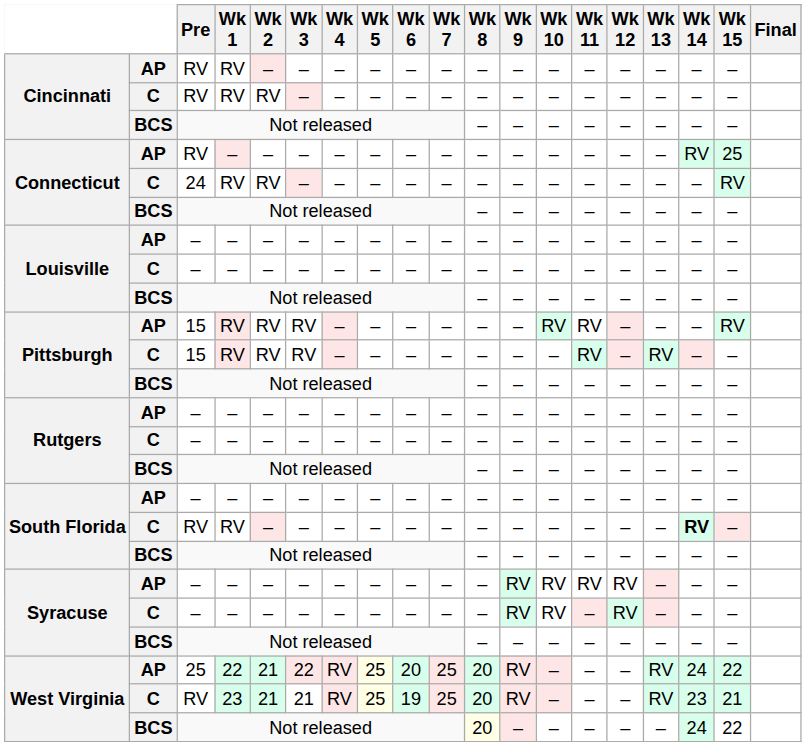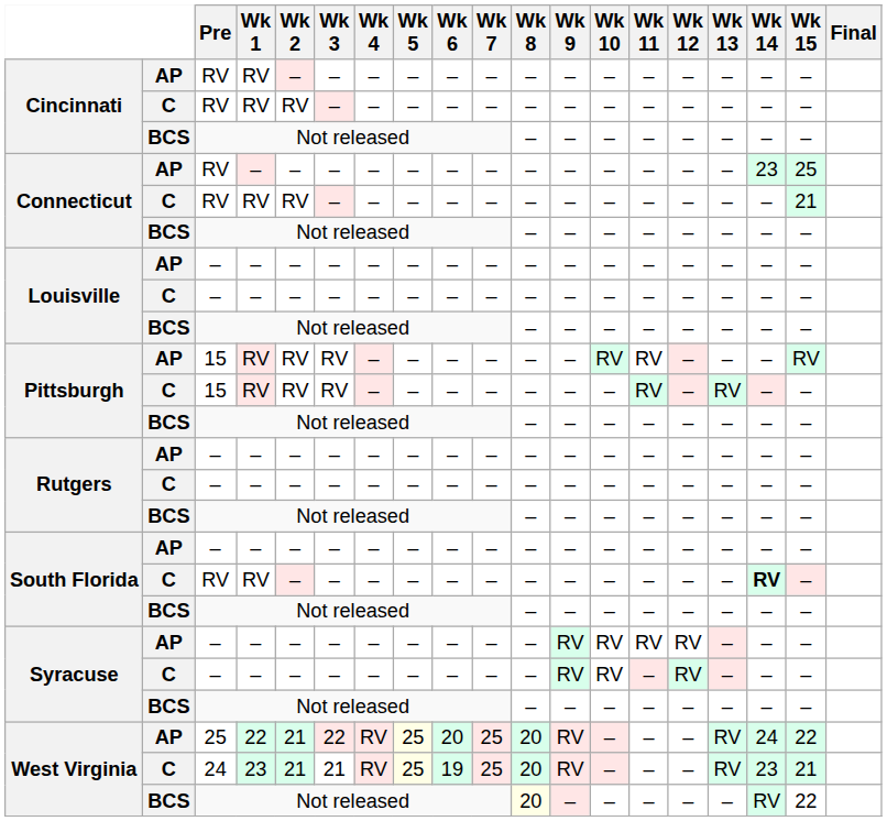 <table class="wikitable" style="white-space:nowrap;font-size:90%;">
 <tr>
 <th colspan=2 style="background:white; border-top-style:hidden; border-left-style:hidden;"> </th>
 <th>Pre</th>
 <th>Wk<br>1</th>
 <th>Wk<br>2</th>
 <th>Wk<br>3</th>
 <th>Wk<br>4</th>
 <th>Wk<br>5</th>
 <th>Wk<br>6</th>
 <th>Wk<br>7</th>
 <th>Wk<br>8</th>
 <th>Wk<br>9</th>
 <th>Wk<br>10</th>
 <th>Wk<br>11</th>
 <th>Wk<br>12</th>
 <th>Wk<br>13</th>
 <th>Wk<br>14</th>
 <th>Wk<br>15</th>
 <th>Final</th>
 </tr>
 <tr style="text-align:center;">
 <th rowspan=3><strong>Cincinnati</strong></th>
 <th>AP</th>
 <td style="background:#FFF;">RV</td>
 <td style="background:#FFF;">RV</td>
 <td style="background:#ffe6e6;">–</td>
 <td style="background:#FFF;">–</td>
 <td style="background:#FFF;">–</td>
 <td style="background:#FFF;">–</td>
 <td style="background:#FFF;">–</td>
 <td style="background:#FFF;">–</td>
 <td style="background:#FFF;">–</td>
 <td style="background:#FFF;">–</td>
 <td style="background:#FFF;">–</td>
 <td style="background:#FFF;">–</td>
 <td style="background:#FFF;">–</td>
 <td style="background:#FFF;">–</td>
 <td style="background:#FFF;">–</td>
 <td style="background:#FFF;">–</td>
 <td style="background:#FFF;"></td>
 </tr>
 <tr style="text-align:center;">
 <th>C</th>
 <td style="background:#FFF;">RV</td>
 <td style="background:#FFF;">RV</td>
 <td style="background:#FFF;">RV</td>
 <td style="background:#ffe6e6;">–</td>
 <td style="background:#FFF">–</td>
 <td style="background:#FFF;">–</td>
 <td style="background:#FFF;">–</td>
 <td style="background:#FFF;">–</td>
 <td style="background:#FFF;">–</td>
 <td style="background:#FFF;">–</td>
 <td style="background:#FFF;">–</td>
 <td style="background:#FFF;">–</td>
 <td style="background:#FFF;">–</td>
 <td style="background:#FFF;">–</td>
 <td style="background:#FFF;">–</td>
 <td style="background:#FFF;">–</td>
 <td style="background:#FFF;"></td>
 </tr>
 <tr style="text-align:center;">
 <th>BCS</th>
 <td colspan=8 align=center>Not released</td>
 <td style="background:#FFF;">–</td>
 <td style="background:#FFF;">–</td>
 <td style="background:#FFF;">–</td>
 <td style="background:#FFF;">–</td>
 <td style="background:#FFF;">–</td>
 <td style="background:#FFF;">–</td>
 <td style="background:#FFF;">–</td>
 <td style="background:#FFF;">–</td>
 <td style="background:#FFF;"></td>
 </tr>
 <tr style="text-align:center;">
 <th rowspan=3><strong>Connecticut</strong></th>
 <th>AP</th>
 <td style="background:#FFF;">RV</td>
 <td style="background:#FFE6E6;">–</td>
 <td style="background:#FFF;">–</td>
 <td style="background:#FFF;">–</td>
 <td style="background:#FFF;">–</td>
 <td style="background:#FFF;">–</td>
 <td style="background:#FFF;">–</td>
 <td style="background:#FFF;">–</td>
 <td style="background:#FFF;">–</td>
 <td style="background:#FFF;">–</td>
 <td style="background:#FFF;">–</td>
 <td style="background:#FFF;">–</td>
 <td style="background:#FFF;">–</td>
 <td style="background:#FFF;">–</td>
-<td style="background:#D8FFEB;">RV</td>
+<td style="background:#D8FFEB;">23</td>
 <td style="background:#D8FFEB;">25</td>
 <td style="background:#FFF;"></td>
 </tr>
 <tr style="text-align:center;">
 <th>C</th>
-<td style="background:#FFF;">24</td>
+<td style="background:#FFF;">RV</td>
 <td style="background:#FFF;">RV</td>
 <td style="background:#FFF;">RV</td>
 <td style="background:#ffe6e6;">–</td>
 <td style="background:#FFF;">–</td>
 <td style="background:#FFF;">–</td>
 <td style="background:#FFF;">–</td>
 <td style="background:#FFF;">–</td>
 <td style="background:#FFF;">–</td>
 <td style="background:#FFF;">–</td>
 <td style="background:#FFF;">–</td>
 <td style="background:#FFF;">–</td>
 <td style="background:#FFF;">–</td>
 <td style="background:#FFF;">–</td>
 <td style="background:#FFF;">–</td>
-<td style="background:#D8FFEB;">RV</td>
+<td style="background:#D8FFEB;">21</td>
 <td style="background:#FFF;"></td>
 </tr>
 <tr style="text-align:center;">
 <th>BCS</th>
 <td colspan=8 align=center>Not released</td>
 <td style="background:#FFF;">–</td>
 <td style="background:#FFF;">–</td>
 <td style="background:#FFF;">–</td>
 <td style="background:#FFF;">–</td>
 <td style="background:#FFF;">–</td>
 <td style="background:#FFF;">–</td>
 <td style="background:#FFF;">–</td>
 <td style="background:#FFF;">–</td>
 <td style="background:#FFF;"></td>
 </tr>
 <tr style="text-align:center;">
 <th rowspan=3><strong>Louisville</strong></th>
 <th>AP</th>
 <td style="background:#FFF;">–</td>
 <td style="background:#FFF;">–</td>
 <td style="background:#FFF;">–</td>
 <td style="background:#FFF;">–</td>
 <td style="background:#FFF;">–</td>
 <td style="background:#FFF;">–</td>
 <td style="background:#FFF;">–</td>
 <td style="background:#FFF;">–</td>
 <td style="background:#FFF;">–</td>
 <td style="background:#FFF;">–</td>
 <td style="background:#FFF;">–</td>
 <td style="background:#FFF;">–</td>
 <td style="background:#FFF;">–</td>
 <td style="background:#FFF;">–</td>
 <td style="background:#FFF;">–</td>
 <td style="background:#FFF;">–</td>
 <td style="background:#FFF;"></td>
 </tr>
 <tr style="text-align:center;">
 <th>C</th>
 <td style="background:#FFF;">–</td>
 <td style="background:#FFF;">–</td>
 <td style="background:#FFF;">–</td>
 <td style="background:#FFF;">–</td>
 <td style="background:#FFF;">–</td>
 <td style="background:#FFF;">–</td>
 <td style="background:#FFF;">–</td>
 <td style="background:#FFF;">–</td>
 <td style="background:#FFF;">–</td>
 <td style="background:#FFF;">–</td>
 <td style="background:#FFF;">–</td>
 <td style="background:#FFF;">–</td>
 <td style="background:#FFF;">–</td>
 <td style="background:#FFF;">–</td>
 <td style="background:#FFF;">–</td>
 <td style="background:#FFF;">–</td>
 <td style="background:#FFF;"></td>
 </tr>
 <tr style="text-align:center;">
 <th>BCS</th>
 <td colspan=8 align=center>Not released</td>
 <td style="background:#FFF;">–</td>
 <td style="background:#FFF;">–</td>
 <td style="background:#FFF;">–</td>
 <td style="background:#FFF;">–</td>
 <td style="background:#FFF;">–</td>
 <td style="background:#FFF;">–</td>
 <td style="background:#FFF;">–</td>
 <td style="background:#FFF;">–</td>
 <td style="background:#FFF;"></td>
 </tr>
 <tr style="text-align:center;">
 <th rowspan=3><strong>Pittsburgh</strong></th>
 <th>AP</th>
 <td style="background:#FFF;">15</td>
 <td style="background:#FFE6E6;">RV</td>
 <td style="background:#FFF;">RV</td>
 <td style="background:#FFF;">RV</td>
 <td style="background:#FFE6E6;">–</td>
 <td style="background:#FFF;">–</td>
 <td style="background:#FFF;">–</td>
 <td style="background:#FFF;">–</td>
 <td style="background:#FFF;">–</td>
 <td style="background:#FFF;">–</td>
 <td style="background:#D8FFEB;">RV</td>
 <td style="background:#FFF;">RV</td>
 <td style="background:#FFE6E6;">–</td>
 <td style="background:#FFF;">–</td>
 <td style="background:#FFF;">–</td>
 <td style="background:#D8FFEB;">RV</td>
 <td style="background:#FFF;"></td>
 </tr>
 <tr style="text-align:center;">
 <th>C</th>
 <td style="background:#FFF;">15</td>
 <td style="background:#FFE6E6;">RV</td>
 <td style="background:#FFF;">RV</td>
 <td style="background:#FFF;">RV</td>
 <td style="background:#FFE6E6;">–</td>
 <td style="background:#FFF;">–</td>
 <td style="background:#FFF;">–</td>
 <td style="background:#FFF;">–</td>
 <td style="background:#FFF;">–</td>
 <td style="background:#FFF;">–</td>
 <td style="background:#FFF;">–</td>
 <td style="background:#D8FFEB;">RV</td>
 <td style="background:#FFE6E6;">–</td>
 <td style="background:#D8FFEB;">RV</td>
 <td style="background:#FFE6E6;">–</td>
 <td style="background:#FFF;">–</td>
 <td style="background:#FFF;"></td>
 </tr>
 <tr style="text-align:center;">
 <th>BCS</th>
 <td colspan=8 align=center>Not released</td>
 <td style="background:#FFF;">–</td>
 <td style="background:#FFF;">–</td>
 <td style="background:#FFF;">–</td>
 <td style="background:#FFF;">–</td>
 <td style="background:#FFF;">–</td>
 <td style="background:#FFF;">–</td>
 <td style="background:#FFF;">–</td>
 <td style="background:#FFF;">–</td>
 <td style="background:#FFF;"></td>
 </tr>
 <tr style="text-align:center;">
 <th rowspan=3><strong>Rutgers</strong></th>
 <th>AP</th>
 <td style="background:#FFF;">–</td>
 <td style="background:#FFF;">–</td>
 <td style="background:#FFF;">–</td>
 <td style="background:#FFF;">–</td>
 <td style="background:#FFF;">–</td>
 <td style="background:#FFF;">–</td>
 <td style="background:#FFF;">–</td>
 <td style="background:#FFF;">–</td>
 <td style="background:#FFF;">–</td>
 <td style="background:#FFF;">–</td>
 <td style="background:#FFF;">–</td>
 <td style="background:#FFF;">–</td>
 <td style="background:#FFF;">–</td>
 <td style="background:#FFF;">–</td>
 <td style="background:#FFF;">–</td>
 <td style="background:#FFF;">–</td>
 <td style="background:#FFF;"></td>
 </tr>
 <tr style="text-align:center;">
 <th>C</th>
 <td style="background:#FFF;">–</td>
 <td style="background:#FFF;">–</td>
 <td style="background:#FFF;">–</td>
 <td style="background:#FFF;">–</td>
 <td style="background:#FFF;">–</td>
 <td style="background:#FFF;">–</td>
 <td style="background:#FFF;">–</td>
 <td style="background:#FFF;">–</td>
 <td style="background:#FFF;">–</td>
 <td style="background:#FFF;">–</td>
 <td style="background:#FFF;">–</td>
 <td style="background:#FFF;">–</td>
 <td style="background:#FFF;">–</td>
 <td style="background:#FFF;">–</td>
 <td style="background:#FFF;">–</td>
 <td style="background:#FFF;">–</td>
 <td style="background:#FFF;"></td>
 </tr>
 <tr style="text-align:center;">
 <th>BCS</th>
 <td colspan=8 align=center>Not released</td>
 <td style="background:#FFF;">–</td>
 <td style="background:#FFF;">–</td>
 <td style="background:#FFF;">–</td>
 <td style="background:#FFF;">–</td>
 <td style="background:#FFF;">–</td>
 <td style="background:#FFF;">–</td>
 <td style="background:#FFF;">–</td>
 <td style="background:#FFF;">–</td>
 <td style="background:#FFF;"></td>
 </tr>
 <tr style="text-align:center;">
 <th rowspan=3><strong>South Florida</strong></th>
 <th>AP</th>
 <td style="background:#FFF;">–</td>
 <td style="background:#FFF;">–</td>
 <td style="background:#FFF;">–</td>
 <td style="background:#FFF;">–</td>
 <td style="background:#FFF;">–</td>
 <td style="background:#FFF;">–</td>
 <td style="background:#FFF;">–</td>
 <td style="background:#FFF;">–</td>
 <td style="background:#FFF;">–</td>
 <td style="background:#FFF;">–</td>
 <td style="background:#FFF;">–</td>
 <td style="background:#FFF;">–</td>
 <td style="background:#FFF;">–</td>
 <td style="background:#FFF;">–</td>
 <td style="background:#FFF;">–</td>
 <td style="background:#FFF;">–</td>
 <td style="background:#FFF;"></td>
 </tr>
 <tr style="text-align:center;">
 <th>C</th>
 <td style="background:#FFF;">RV</td>
 <td style="background:#FFF;">RV</td>
 <td style="background:#ffe6e6;">–</td>
 <td style="background:#FFF;">–</td>
 <td style="background:#FFF">–</td>
 <td style="background:#FFF;">–</td>
 <td style="background:#FFF;">–</td>
 <td style="background:#FFF;">–</td>
 <td style="background:#FFF;">–</td>
 <td style="background:#FFF;">–</td>
 <td style="background:#FFF;">–</td>
 <td style="background:#FFF;">–</td>
 <td style="background:#FFF;">–</td>
 <td style="background:#FFF;">–</td>
 <td style="background:#D8FFEB;"><strong>RV</strong></td>
 <td style="background:#ffe6e6;">–</td>
 <td style="background:#FFF;"></td>
 </tr>
 <tr style="text-align:center;">
 <th>BCS</th>
 <td colspan=8 align=center>Not released</td>
 <td style="background:#FFF;">–</td>
 <td style="background:#FFF;">–</td>
 <td style="background:#FFF;">–</td>
 <td style="background:#FFF;">–</td>
 <td style="background:#FFF;">–</td>
 <td style="background:#FFF;">–</td>
 <td style="background:#FFF;">–</td>
 <td style="background:#FFF;">–</td>
 <td style="background:#FFF;"></td>
 </tr>
 <tr style="text-align:center;">
 <th rowspan=3><strong>Syracuse</strong></th>
 <th>AP</th>
 <td style="background:#FFF;">–</td>
 <td style="background:#FFF;">–</td>
 <td style="background:#FFF;">–</td>
 <td style="background:#FFF;">–</td>
 <td style="background:#FFF;">–</td>
 <td style="background:#FFF;">–</td>
 <td style="background:#FFF;">–</td>
 <td style="background:#FFF;">–</td>
 <td style="background:#FFF;">–</td>
 <td style="background:#D8FFEB;">RV</td>
 <td style="background:#FFF;">RV</td>
 <td style="background:#FFF;">RV</td>
 <td style="background:#FFF;">RV</td>
 <td style="background:#FFE6E6;">–</td>
 <td style="background:#FFF;">–</td>
 <td style="background:#FFF;">–</td>
 <td style="background:#FFF;"></td>
 </tr>
 <tr style="text-align:center;">
 <th>C</th>
 <td style="background:#FFF;">–</td>
 <td style="background:#FFF;">–</td>
 <td style="background:#FFF;">–</td>
 <td style="background:#FFF;">–</td>
 <td style="background:#FFF">–</td>
 <td style="background:#FFF;">–</td>
 <td style="background:#FFF;">–</td>
 <td style="background:#FFF;">–</td>
 <td style="background:#FFF;">–</td>
 <td style="background:#D8FFEB;">RV</td>
 <td style="background:#FFF;">RV</td>
 <td style="background:#ffe6e6;">–</td>
 <td style="background:#D8FFEB;">RV</td>
 <td style="background:#FFE6E6;">–</td>
 <td style="background:#FFF;">–</td>
 <td style="background:#FFF;">–</td>
 <td style="background:#FFF;"></td>
 </tr>
 <tr style="text-align:center;">
 <th>BCS</th>
 <td colspan=8 align=center>Not released</td>
 <td style="background:#FFF;">–</td>
 <td style="background:#FFF;">–</td>
 <td style="background:#FFF;">–</td>
 <td style="background:#FFF;">–</td>
 <td style="background:#FFF;">–</td>
 <td style="background:#FFF;">–</td>
 <td style="background:#FFF;">–</td>
 <td style="background:#FFF;">–</td>
 <td style="background:#FFF;"></td>
 </tr>
 <tr style="text-align:center;">
 <th rowspan=3><strong>West Virginia</strong></th>
 <th>AP</th>
 <td style="background:#FFF;">25</td>
 <td style="background:#D8FFEB;">22</td>
 <td style="background:#D8FFEB;">21</td>
 <td style="background:#ffe6e6;">22</td>
 <td style="background:#ffe6e6;">RV</td>
 <td style="background:#ffffe6;">25</td>
 <td style="background:#D8FFEB;">20</td>
 <td style="background:#ffe6e6;">25</td>
 <td style="background:#D8FFEB;">20</td>
 <td style="background:#ffe6e6;">RV</td>
 <td style="background:#ffe6e6;">–</td>
 <td style="background:#FFF;">–</td>
 <td style="background:#FFF;">–</td>
 <td style="background:#D8FFEB;">RV</td>
 <td style="background:#D8FFEB;">24</td>
 <td style="background:#D8FFEB;">22</td>
 <td style="background:#FFF;"></td>
 </tr>
 <tr style="text-align:center;">
 <th>C</th>
-<td style="background:#FFF;">RV</td>
+<td style="background:#FFF;">24</td>
 <td style="background:#D8FFEB;">23</td>
 <td style="background:#D8FFEB;">21</td>
 <td style="background:#FFF;">21</td>
 <td style="background:#ffe6e6;">RV</td>
 <td style="background:#ffffe6;">25</td>
 <td style="background:#D8FFEB;">19</td>
 <td style="background:#ffe6e6;">25</td>
 <td style="background:#D8FFEB;">20</td>
 <td style="background:#ffe6e6;">RV</td>
 <td style="background:#ffe6e6;">–</td>
 <td style="background:#FFF;">–</td>
 <td style="background:#FFF;">–</td>
 <td style="background:#D8FFEB;">RV</td>
 <td style="background:#D8FFEB;">23</td>
 <td style="background:#D8FFEB;">21</td>
 <td style="background:#FFF;"></td>
 </tr>
 <tr style="text-align:center;">
 <th>BCS</th>
 <td colspan=8 align=center>Not released</td>
 <td style="background:#ffffe6;">20</td>
 <td style="background:#ffe6e6;">–</td>
 <td style="background:#FFF;">–</td>
 <td style="background:#FFF;">–</td>
 <td style="background:#FFF;">–</td>
 <td style="background:#FFF;">–</td>
-<td style="background:#D8FFEB;">24</td>
+<td style="background:#D8FFEB;">RV</td>
 <td style="background:#FFF;">22</td>
 <td style="background:#FFF;"></td>
 </tr>
 <tr style="text-align:center;">
 </tr>
 </table>
